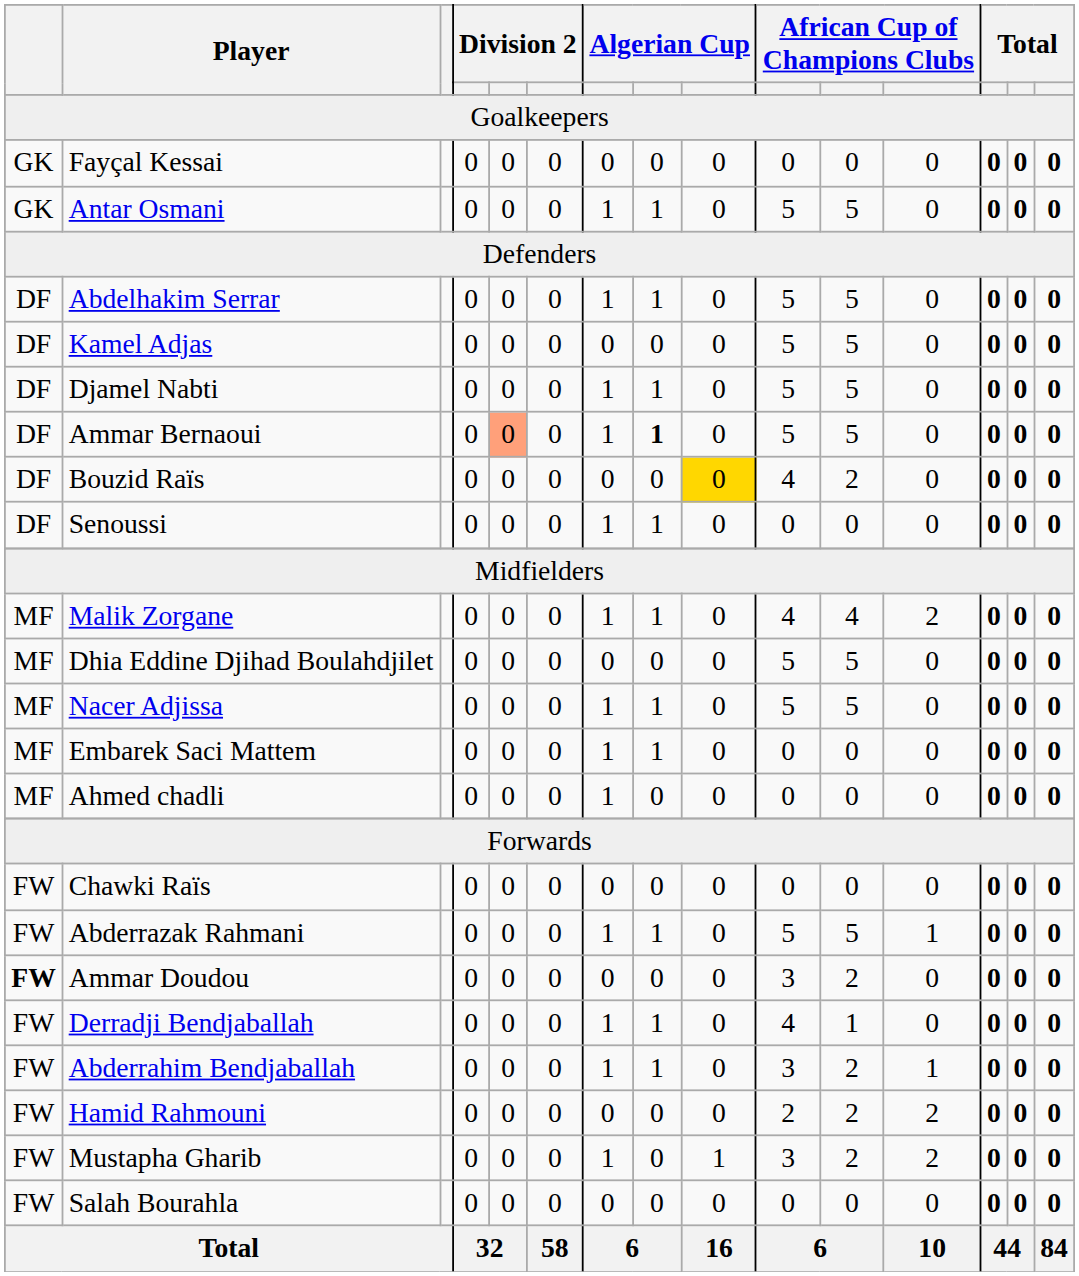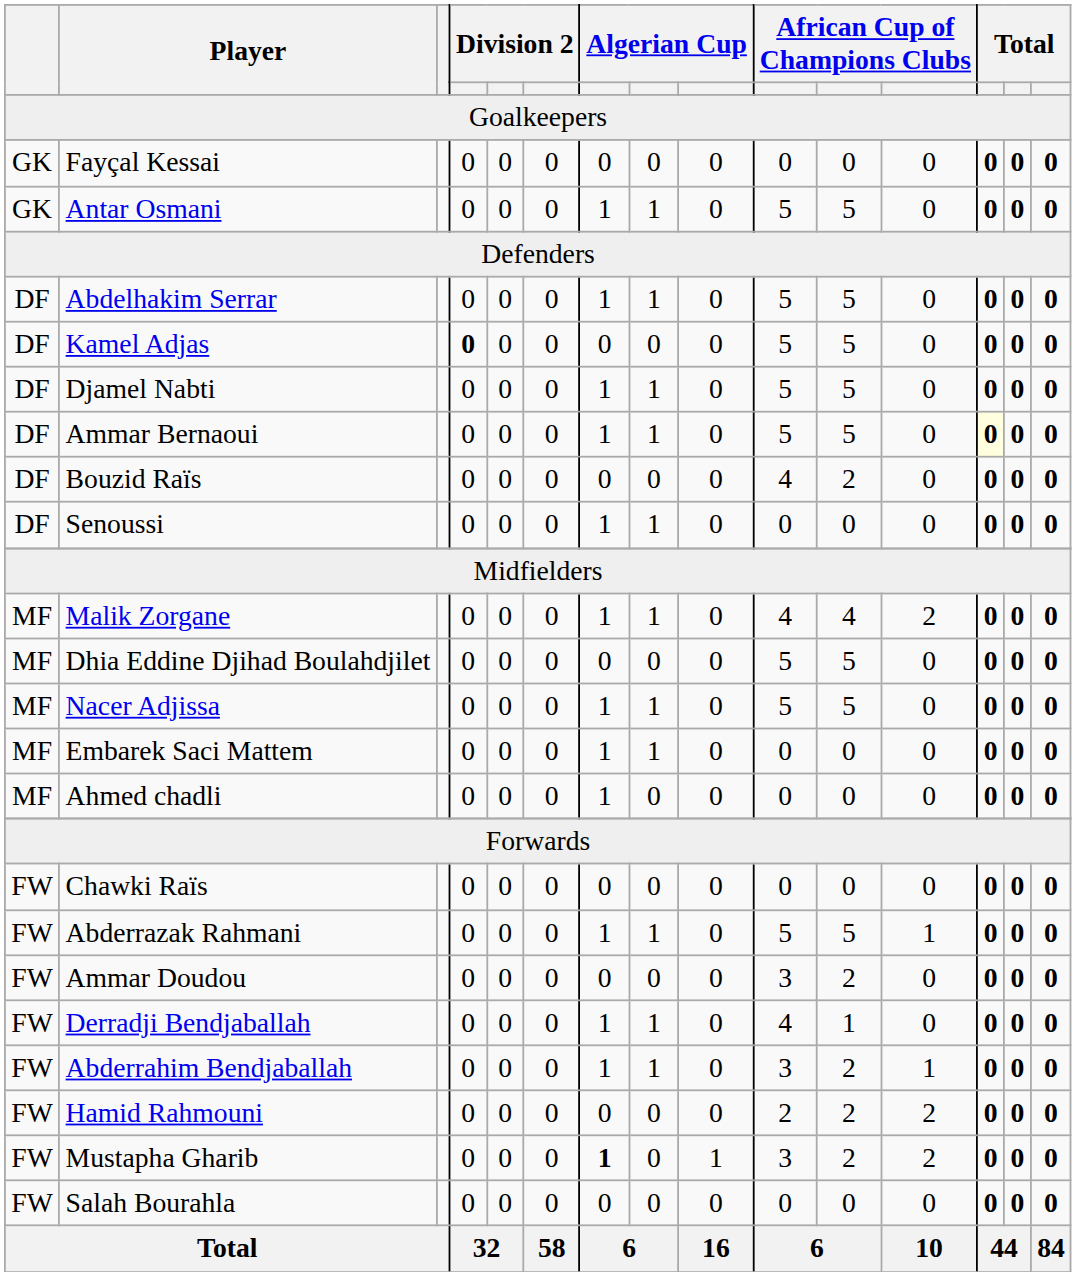 <table class="wikitable mw-datatable sortable nowrap" style="text-align:center; font-size:96%;">
 <tr>
 <th rowspan="2"></th>
 <th rowspan="2">Player</th>
 <th rowspan="2" style="border-right: 1pt black solid"></th>
 <th colspan="3" style="border-right: 1pt black solid">Division 2</th>
 <th colspan="3" style="border-right: 1pt black solid"><a href='#'>Algerian Cup</a></th>
 <th colspan="3" style="border-right: 1pt black solid"><a href='#'>African Cup of<br> Champions Clubs</a></th>
 <th colspan="3">Total</th>
 </tr>
 <tr>
 <th></th>
 <th></th>
 <th style="border-right: 1pt black solid"></th>
 <th></th>
 <th></th>
 <th style="border-right: 1pt black solid"></th>
 <th></th>
 <th></th>
 <th style="border-right: 1pt black solid"></th>
 <th></th>
 <th></th>
 <th></th>
 </tr>
 <tr bgcolor=efefef class="sortbottom">
 <td colspan=19>Goalkeepers</td>
 </tr>
 <tr>
 <td>GK</td>
 <td style="text-align:left">Fayçal Kessai</td>
 <td style="border-right: 1pt black solid"></td>
 <td>0</td>
 <td>0</td>
 <td style="border-right: 1pt black solid">0</td>
 <td>0</td>
 <td>0</td>
 <td style="border-right: 1pt black solid">0</td>
 <td>0</td>
 <td>0</td>
 <td style="border-right: 1pt black solid">0</td>
 <td><strong>0</strong></td>
 <td><strong>0</strong></td>
 <td><strong>0</strong></td>
 </tr>
 <tr>
 <td>GK</td>
 <td style="text-align:left"><a href='#'>Antar Osmani</a></td>
 <td style="border-right: 1pt black solid"></td>
 <td>0</td>
 <td>0</td>
 <td style="border-right: 1pt black solid">0</td>
 <td>1</td>
 <td>1</td>
 <td style="border-right: 1pt black solid">0</td>
 <td>5</td>
 <td>5</td>
 <td style="border-right: 1pt black solid">0</td>
 <td><strong>0</strong></td>
 <td><strong>0</strong></td>
 <td><strong>0</strong></td>
 </tr>
 <tr bgcolor=efefef class="sortbottom">
 <td colspan=19>Defenders</td>
 </tr>
 <tr>
 <td>DF</td>
 <td style="text-align:left"><a href='#'>Abdelhakim Serrar</a></td>
 <td style="border-right: 1pt black solid"></td>
 <td>0</td>
 <td>0</td>
 <td style="border-right: 1pt black solid">0</td>
 <td>1</td>
 <td>1</td>
 <td style="border-right: 1pt black solid">0</td>
 <td>5</td>
 <td>5</td>
 <td style="border-right: 1pt black solid">0</td>
 <td><strong>0</strong></td>
 <td><strong>0</strong></td>
 <td><strong>0</strong></td>
 </tr>
 <tr>
 <td>DF</td>
 <td style="text-align:left"><a href='#'>Kamel Adjas</a></td>
 <td style="border-right: 1pt black solid"></td>
-<td>0</td>
+<td><strong>0</strong></td>
 <td>0</td>
 <td style="border-right: 1pt black solid">0</td>
 <td>0</td>
 <td>0</td>
 <td style="border-right: 1pt black solid">0</td>
 <td>5</td>
 <td>5</td>
 <td style="border-right: 1pt black solid">0</td>
 <td><strong>0</strong></td>
 <td><strong>0</strong></td>
 <td><strong>0</strong></td>
 </tr>
 <tr>
 <td>DF</td>
 <td style="text-align:left">Djamel Nabti</td>
 <td style="border-right: 1pt black solid"></td>
 <td>0</td>
 <td>0</td>
 <td style="border-right: 1pt black solid">0</td>
 <td>1</td>
 <td>1</td>
 <td style="border-right: 1pt black solid">0</td>
 <td>5</td>
 <td>5</td>
 <td style="border-right: 1pt black solid">0</td>
 <td><strong>0</strong></td>
 <td><strong>0</strong></td>
 <td><strong>0</strong></td>
 </tr>
 <tr>
 <td>DF</td>
 <td style="text-align:left">Ammar Bernaoui</td>
 <td style="border-right: 1pt black solid"></td>
 <td>0</td>
-<td style="background: lightsalmon;">0</td>
+<td>0</td>
 <td style="border-right: 1pt black solid">0</td>
 <td>1</td>
-<td><strong>1</strong></td>
+<td>1</td>
 <td style="border-right: 1pt black solid">0</td>
 <td>5</td>
 <td>5</td>
 <td style="border-right: 1pt black solid">0</td>
-<td><strong>0</strong></td>
+<td style="background: lightyellow;"><strong>0</strong></td>
 <td><strong>0</strong></td>
 <td><strong>0</strong></td>
 </tr>
 <tr>
 <td>DF</td>
 <td style="text-align:left">Bouzid Raïs</td>
 <td style="border-right: 1pt black solid"></td>
 <td>0</td>
 <td>0</td>
 <td style="border-right: 1pt black solid">0</td>
 <td>0</td>
 <td>0</td>
-<td style="background: gold; border-right: 1pt black solid">0</td>
+<td style="border-right: 1pt black solid">0</td>
 <td>4</td>
 <td>2</td>
 <td style="border-right: 1pt black solid">0</td>
 <td><strong>0</strong></td>
 <td><strong>0</strong></td>
 <td><strong>0</strong></td>
 </tr>
 <tr>
 <td>DF</td>
 <td style="text-align:left">Senoussi</td>
 <td style="border-right: 1pt black solid"></td>
 <td>0</td>
 <td>0</td>
 <td style="border-right: 1pt black solid">0</td>
 <td>1</td>
 <td>1</td>
 <td style="border-right: 1pt black solid">0</td>
 <td>0</td>
 <td>0</td>
 <td style="border-right: 1pt black solid">0</td>
 <td><strong>0</strong></td>
 <td><strong>0</strong></td>
 <td><strong>0</strong></td>
 </tr>
 <tr>
 </tr>
 <tr bgcolor=efefef class="sortbottom">
 <td colspan=19>Midfielders</td>
 </tr>
 <tr>
 <td>MF</td>
 <td style="text-align:left"><a href='#'>Malik Zorgane</a></td>
 <td style="border-right: 1pt black solid"></td>
 <td>0</td>
 <td>0</td>
 <td style="border-right: 1pt black solid">0</td>
 <td>1</td>
 <td>1</td>
 <td style="border-right: 1pt black solid">0</td>
 <td>4</td>
 <td>4</td>
 <td style="border-right: 1pt black solid">2</td>
 <td><strong>0</strong></td>
 <td><strong>0</strong></td>
 <td><strong>0</strong></td>
 </tr>
 <tr>
 <td>MF</td>
 <td style="text-align:left">Dhia Eddine Djihad Boulahdjilet</td>
 <td style="border-right: 1pt black solid"></td>
 <td>0</td>
 <td>0</td>
 <td style="border-right: 1pt black solid">0</td>
 <td>0</td>
 <td>0</td>
 <td style="border-right: 1pt black solid">0</td>
 <td>5</td>
 <td>5</td>
 <td style="border-right: 1pt black solid">0</td>
 <td><strong>0</strong></td>
 <td><strong>0</strong></td>
 <td><strong>0</strong></td>
 </tr>
 <tr>
 <td>MF</td>
 <td style="text-align:left"><a href='#'>Nacer Adjissa</a></td>
 <td style="border-right: 1pt black solid"></td>
 <td>0</td>
 <td>0</td>
 <td style="border-right: 1pt black solid">0</td>
 <td>1</td>
 <td>1</td>
 <td style="border-right: 1pt black solid">0</td>
 <td>5</td>
 <td>5</td>
 <td style="border-right: 1pt black solid">0</td>
 <td><strong>0</strong></td>
 <td><strong>0</strong></td>
 <td><strong>0</strong></td>
 </tr>
 <tr>
 <td>MF</td>
 <td style="text-align:left">Embarek Saci Mattem</td>
 <td style="border-right: 1pt black solid"></td>
 <td>0</td>
 <td>0</td>
 <td style="border-right: 1pt black solid">0</td>
 <td>1</td>
 <td>1</td>
 <td style="border-right: 1pt black solid">0</td>
 <td>0</td>
 <td>0</td>
 <td style="border-right: 1pt black solid">0</td>
 <td><strong>0</strong></td>
 <td><strong>0</strong></td>
 <td><strong>0</strong></td>
 </tr>
 <tr>
 <td>MF</td>
 <td style="text-align:left">Ahmed chadli</td>
 <td style="border-right: 1pt black solid"></td>
 <td>0</td>
 <td>0</td>
 <td style="border-right: 1pt black solid">0</td>
 <td>1</td>
 <td>0</td>
 <td style="border-right: 1pt black solid">0</td>
 <td>0</td>
 <td>0</td>
 <td style="border-right: 1pt black solid">0</td>
 <td><strong>0</strong></td>
 <td><strong>0</strong></td>
 <td><strong>0</strong></td>
 </tr>
 <tr>
 </tr>
 <tr bgcolor=efefef class="sortbottom">
 <td colspan=19>Forwards</td>
 </tr>
 <tr>
 <td>FW</td>
 <td style="text-align:left">Chawki Raïs</td>
 <td style="border-right: 1pt black solid"></td>
 <td>0</td>
 <td>0</td>
 <td style="border-right: 1pt black solid">0</td>
 <td>0</td>
 <td>0</td>
 <td style="border-right: 1pt black solid">0</td>
 <td>0</td>
 <td>0</td>
 <td style="border-right: 1pt black solid">0</td>
 <td><strong>0</strong></td>
 <td><strong>0</strong></td>
 <td><strong>0</strong></td>
 </tr>
 <tr>
 <td>FW</td>
 <td style="text-align:left">Abderrazak Rahmani</td>
 <td style="border-right: 1pt black solid"></td>
 <td>0</td>
 <td>0</td>
 <td style="border-right: 1pt black solid">0</td>
 <td>1</td>
 <td>1</td>
 <td style="border-right: 1pt black solid">0</td>
 <td>5</td>
 <td>5</td>
 <td style="border-right: 1pt black solid">1</td>
 <td><strong>0</strong></td>
 <td><strong>0</strong></td>
 <td><strong>0</strong></td>
 </tr>
 <tr>
-<td><strong>FW</strong></td>
+<td>FW</td>
 <td style="text-align:left">Ammar Doudou</td>
 <td style="border-right: 1pt black solid"></td>
 <td>0</td>
 <td>0</td>
 <td style="border-right: 1pt black solid">0</td>
 <td>0</td>
 <td>0</td>
 <td style="border-right: 1pt black solid">0</td>
 <td>3</td>
 <td>2</td>
 <td style="border-right: 1pt black solid">0</td>
 <td><strong>0</strong></td>
 <td><strong>0</strong></td>
 <td><strong>0</strong></td>
 </tr>
 <tr>
 <td>FW</td>
 <td style="text-align:left"><a href='#'>Derradji Bendjaballah</a></td>
 <td style="border-right: 1pt black solid"></td>
 <td>0</td>
 <td>0</td>
 <td style="border-right: 1pt black solid">0</td>
 <td>1</td>
 <td>1</td>
 <td style="border-right: 1pt black solid">0</td>
 <td>4</td>
 <td>1</td>
 <td style="border-right: 1pt black solid">0</td>
 <td><strong>0</strong></td>
 <td><strong>0</strong></td>
 <td><strong>0</strong></td>
 </tr>
 <tr>
 <td>FW</td>
 <td style="text-align:left"><a href='#'>Abderrahim Bendjaballah</a></td>
 <td style="border-right: 1pt black solid"></td>
 <td>0</td>
 <td>0</td>
 <td style="border-right: 1pt black solid">0</td>
 <td>1</td>
 <td>1</td>
 <td style="border-right: 1pt black solid">0</td>
 <td>3</td>
 <td>2</td>
 <td style="border-right: 1pt black solid">1</td>
 <td><strong>0</strong></td>
 <td><strong>0</strong></td>
 <td><strong>0</strong></td>
 </tr>
 <tr>
 <td>FW</td>
 <td style="text-align:left"><a href='#'>Hamid Rahmouni</a></td>
 <td style="border-right: 1pt black solid"></td>
 <td>0</td>
 <td>0</td>
 <td style="border-right: 1pt black solid">0</td>
 <td>0</td>
 <td>0</td>
 <td style="border-right: 1pt black solid">0</td>
 <td>2</td>
 <td>2</td>
 <td style="border-right: 1pt black solid">2</td>
 <td><strong>0</strong></td>
 <td><strong>0</strong></td>
 <td><strong>0</strong></td>
 </tr>
 <tr>
 <td>FW</td>
 <td style="text-align:left">Mustapha Gharib</td>
 <td style="border-right: 1pt black solid"></td>
 <td>0</td>
 <td>0</td>
 <td style="border-right: 1pt black solid">0</td>
-<td>1</td>
+<td><strong>1</strong></td>
 <td>0</td>
 <td style="border-right: 1pt black solid">1</td>
 <td>3</td>
 <td>2</td>
 <td style="border-right: 1pt black solid">2</td>
 <td><strong>0</strong></td>
 <td><strong>0</strong></td>
 <td><strong>0</strong></td>
 </tr>
 <tr>
 <td>FW</td>
 <td style="text-align:left">Salah Bourahla</td>
 <td style="border-right: 1pt black solid"></td>
 <td>0</td>
 <td>0</td>
 <td style="border-right: 1pt black solid">0</td>
 <td>0</td>
 <td>0</td>
 <td style="border-right: 1pt black solid">0</td>
 <td>0</td>
 <td>0</td>
 <td style="border-right: 1pt black solid">0</td>
 <td><strong>0</strong></td>
 <td><strong>0</strong></td>
 <td><strong>0</strong></td>
 </tr>
 <tr class="sortbottom">
 <th colspan=3 style="border-right: 1pt black solid">Total</th>
 <th colspan=2>32</th>
 <th style="border-right: 1pt black solid">58</th>
 <th colspan=2>6</th>
 <th style="border-right: 1pt black solid">16</th>
 <th colspan=2>6</th>
 <th style="border-right: 1pt black solid">10</th>
 <th colspan=2>44</th>
 <th>84</th>
 </tr>
 </table>
